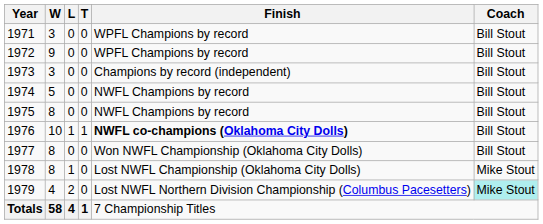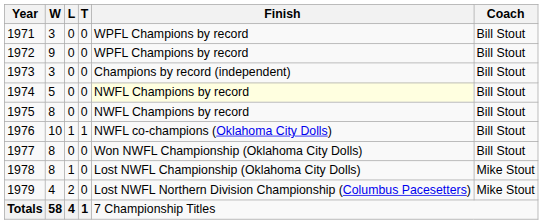 <table class="wikitable">
 <tr>
 <th>Year</th>
 <th>W</th>
 <th>L</th>
 <th>T</th>
 <th>Finish</th>
 <th>Coach</th>
 </tr>
 <tr>
 <td>1971</td>
 <td>3</td>
 <td>0</td>
 <td>0</td>
 <td>WPFL Champions by record</td>
 <td>Bill Stout</td>
 </tr>
 <tr>
 <td>1972</td>
 <td>9</td>
 <td>0</td>
 <td>0</td>
 <td>WPFL Champions by record</td>
 <td>Bill Stout</td>
 </tr>
 <tr>
 <td>1973</td>
 <td>3</td>
 <td>0</td>
 <td>0</td>
 <td>Champions by record (independent)</td>
 <td>Bill Stout</td>
 </tr>
 <tr>
 <td>1974</td>
 <td>5</td>
 <td>0</td>
 <td>0</td>
-<td>NWFL Champions by record</td>
+<td style="background: lightyellow;">NWFL Champions by record</td>
 <td>Bill Stout</td>
 </tr>
 <tr>
 <td>1975</td>
 <td>8</td>
 <td>0</td>
 <td>0</td>
 <td>NWFL Champions by record</td>
 <td>Bill Stout</td>
 </tr>
 <tr>
 <td>1976</td>
 <td>10</td>
 <td>1</td>
 <td>1</td>
-<td><strong>NWFL co-champions (<a href='#'>Oklahoma City Dolls</a>)</strong></td>
+<td>NWFL co-champions (<a href='#'>Oklahoma City Dolls</a>)</td>
 <td>Bill Stout</td>
 </tr>
 <tr>
 <td>1977</td>
 <td>8</td>
 <td>0</td>
 <td>0</td>
 <td>Won NWFL Championship (Oklahoma City Dolls)</td>
 <td>Bill Stout</td>
 </tr>
 <tr>
 <td>1978</td>
 <td>8</td>
 <td>1</td>
 <td>0</td>
 <td>Lost NWFL Championship (Oklahoma City Dolls)</td>
 <td>Mike Stout</td>
 </tr>
 <tr>
 <td>1979</td>
 <td>4</td>
 <td>2</td>
 <td>0</td>
 <td>Lost NWFL Northern Division Championship (<a href='#'>Columbus Pacesetters</a>)</td>
-<td style="background: paleturquoise;">Mike Stout</td>
+<td>Mike Stout</td>
 </tr>
 <tr>
 <th>Totals</th>
 <th>58</th>
 <th>4</th>
 <th>1</th>
 <td colspan="2">7 Championship Titles</td>
 </tr>
 </table>
